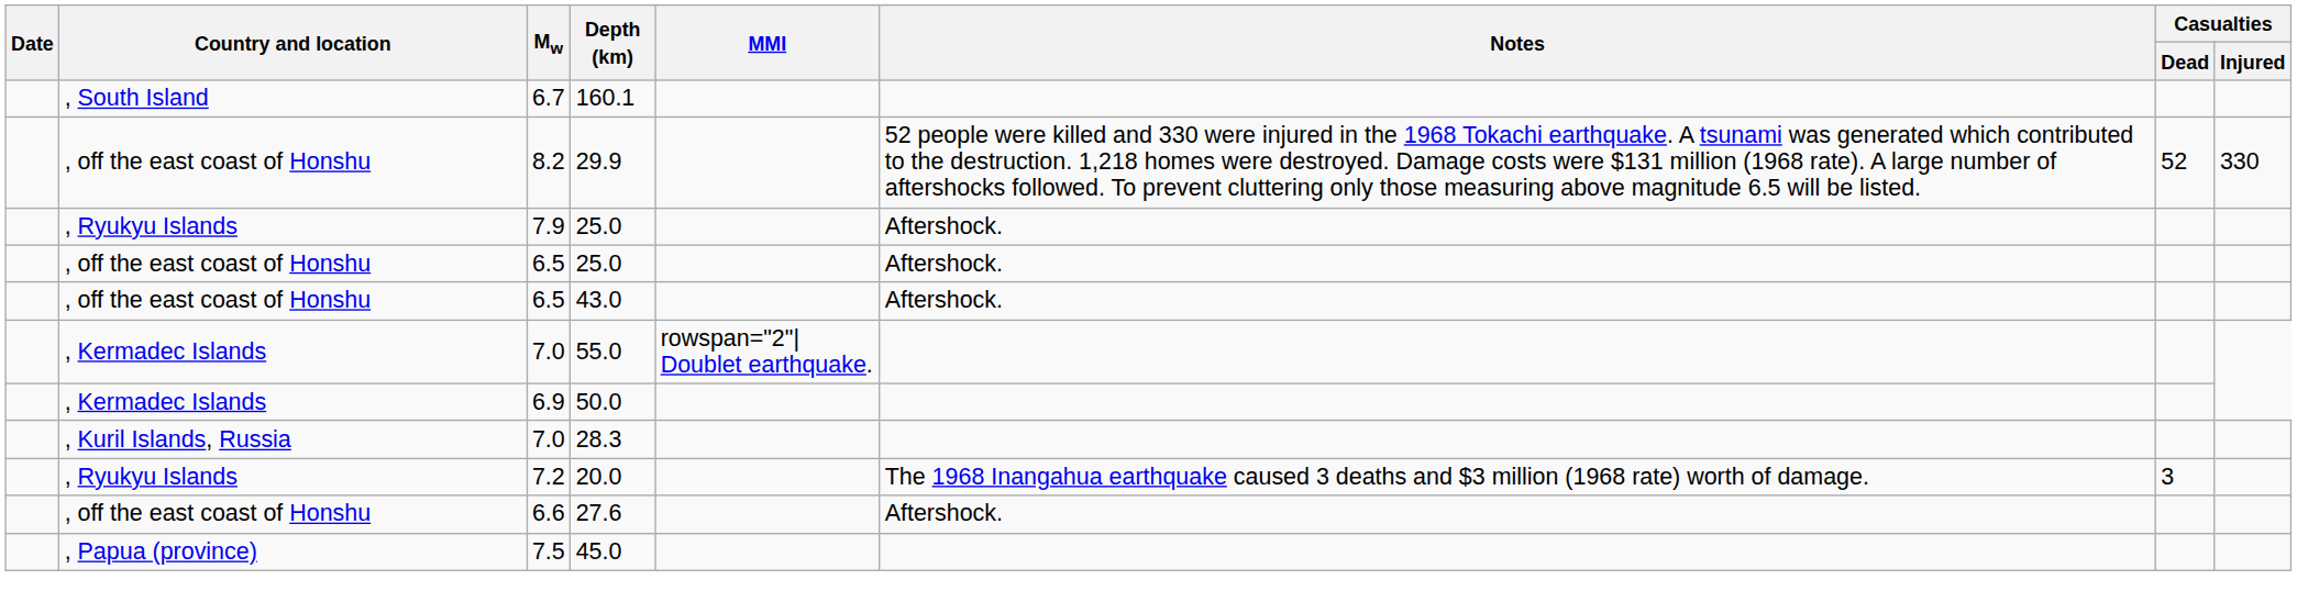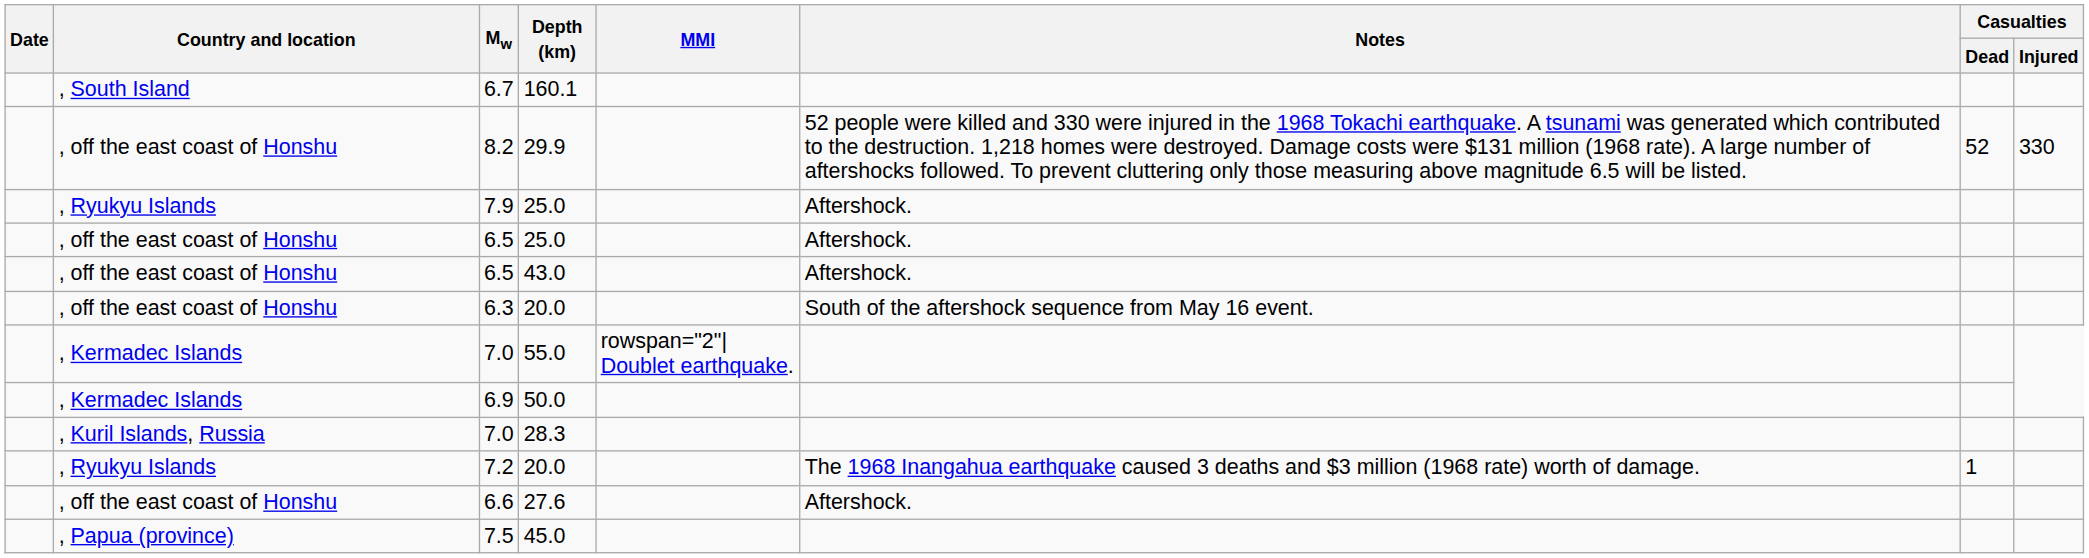 <table class="wikitable sortable sort-under" style="border:1px black; margin-left:1em;">
 <tr>
 <th rowspan="2"><small>Date</small></th>
 <th rowspan="2" style="width: 310px"><small>Country and location</small></th>
 <th rowspan="2"><small>M<sub>w</sub></small></th>
 <th rowspan="2"><small>Depth (km)</small></th>
 <th rowspan="2"><small><a href='#'>MMI</a></small></th>
 <th rowspan="2" class="unsortable"><small>Notes</small></th>
 <th colspan="2"><small>Casualties</small></th>
 </tr>
 <tr>
 <th><small>Dead</small></th>
 <th><small>Injured</small></th>
 </tr>
 <tr>
 <td></td>
 <td>, <a href='#'>South Island</a></td>
 <td>6.7</td>
 <td>160.1</td>
 <td></td>
 <td></td>
 <td></td>
 <td></td>
 </tr>
 <tr>
 <td></td>
 <td>, off the east coast of <a href='#'>Honshu</a></td>
 <td>8.2</td>
 <td>29.9</td>
 <td></td>
 <td>52 people were killed and 330 were injured in the <a href='#'>1968 Tokachi earthquake</a>. A <a href='#'>tsunami</a> was generated which contributed to the destruction. 1,218 homes were destroyed. Damage costs were $131 million (1968 rate). A large number of aftershocks followed. To prevent cluttering only those measuring above magnitude 6.5 will be listed.</td>
 <td>52</td>
 <td>330</td>
 </tr>
 <tr>
 <td></td>
 <td>, <a href='#'>Ryukyu Islands</a></td>
 <td>7.9</td>
 <td>25.0</td>
 <td></td>
 <td>Aftershock.</td>
 <td></td>
 <td></td>
 </tr>
 <tr>
 <td></td>
 <td>, off the east coast of <a href='#'>Honshu</a></td>
 <td>6.5</td>
 <td>25.0</td>
 <td></td>
 <td>Aftershock.</td>
 <td></td>
 <td></td>
 </tr>
 <tr>
 <td></td>
 <td>, off the east coast of <a href='#'>Honshu</a></td>
 <td>6.5</td>
 <td>43.0</td>
 <td></td>
 <td>Aftershock.</td>
 <td></td>
 <td></td>
 </tr>
 <tr>
 <td></td>
+<td>, off the east coast of <a href='#'>Honshu</a></td>
+<td>6.3</td>
+<td>20.0</td>
+<td></td>
+<td>South of the aftershock sequence from May 16 event.</td>
+<td></td>
+<td></td>
+</tr>
+<tr>
+<td></td>
 <td>, <a href='#'>Kermadec Islands</a></td>
 <td>7.0</td>
 <td>55.0</td>
 <td>rowspan="2"| <a href='#'>Doublet earthquake</a>.</td>
 <td></td>
 <td></td>
 </tr>
 <tr>
 <td></td>
 <td>, <a href='#'>Kermadec Islands</a></td>
 <td>6.9</td>
 <td>50.0</td>
 <td></td>
 <td></td>
 <td></td>
 </tr>
 <tr>
 <td></td>
 <td>, <a href='#'>Kuril Islands</a>, <a href='#'>Russia</a></td>
 <td>7.0</td>
 <td>28.3</td>
 <td></td>
 <td></td>
 <td></td>
 <td></td>
 </tr>
 <tr>
 <td></td>
 <td>, <a href='#'>Ryukyu Islands</a></td>
 <td>7.2</td>
 <td>20.0</td>
 <td></td>
 <td>The <a href='#'>1968 Inangahua earthquake</a> caused 3 deaths and $3 million (1968 rate) worth of damage.</td>
-<td>3</td>
+<td>1</td>
 <td></td>
 </tr>
 <tr>
 <td></td>
 <td>, off the east coast of <a href='#'>Honshu</a></td>
 <td>6.6</td>
 <td>27.6</td>
 <td></td>
 <td>Aftershock.</td>
 <td></td>
 <td></td>
 </tr>
 <tr>
 <td></td>
 <td>, <a href='#'>Papua (province)</a></td>
 <td>7.5</td>
 <td>45.0</td>
 <td></td>
 <td></td>
 <td></td>
 <td></td>
 </tr>
 </table>
